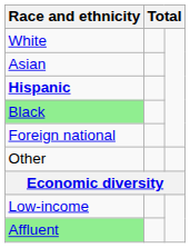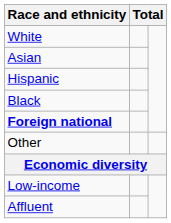 <table class="wikitable floatright sortable collapsible"; text-align:right; font-size:80%;">
 <tr>
 <th>Race and ethnicity</th>
 <th colspan="2" data-sort-type=number>Total</th>
 </tr>
 <tr>
 <td><a href='#'>White</a></td>
 <td align=right></td>
 </tr>
 <tr>
 <td><a href='#'>Asian</a></td>
 <td align=right></td>
 </tr>
 <tr>
-<td><strong><a href='#'>Hispanic</a></strong></td>
+<td><a href='#'>Hispanic</a></td>
 <td align=right></td>
 </tr>
 <tr>
-<td style="background: lightgreen;"><a href='#'>Black</a></td>
+<td><a href='#'>Black</a></td>
 <td align=right></td>
 </tr>
 <tr>
-<td><a href='#'>Foreign national</a></td>
+<td><strong><a href='#'>Foreign national</a></strong></td>
 <td align=right></td>
 </tr>
 <tr>
 <td>Other</td>
 <td align=right></td>
 <td></td>
 </tr>
 <tr>
 <th colspan="4" data-sort-type=number><a href='#'>Economic diversity</a></th>
 </tr>
 <tr>
 <td><a href='#'>Low-income</a></td>
 <td align=right></td>
 </tr>
 <tr>
-<td style="background: lightgreen;"><a href='#'>Affluent</a></td>
+<td><a href='#'>Affluent</a></td>
 <td align=right></td>
 </tr>
 </table>
